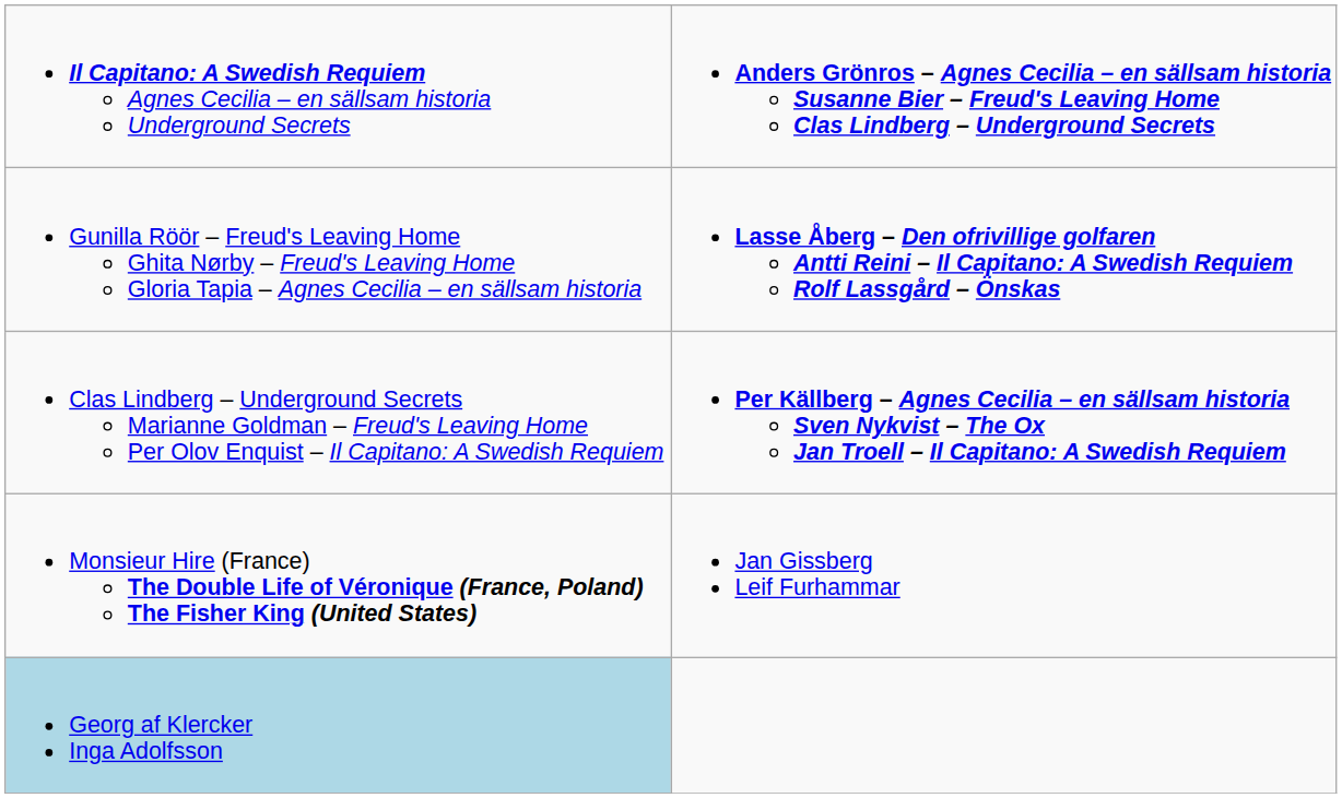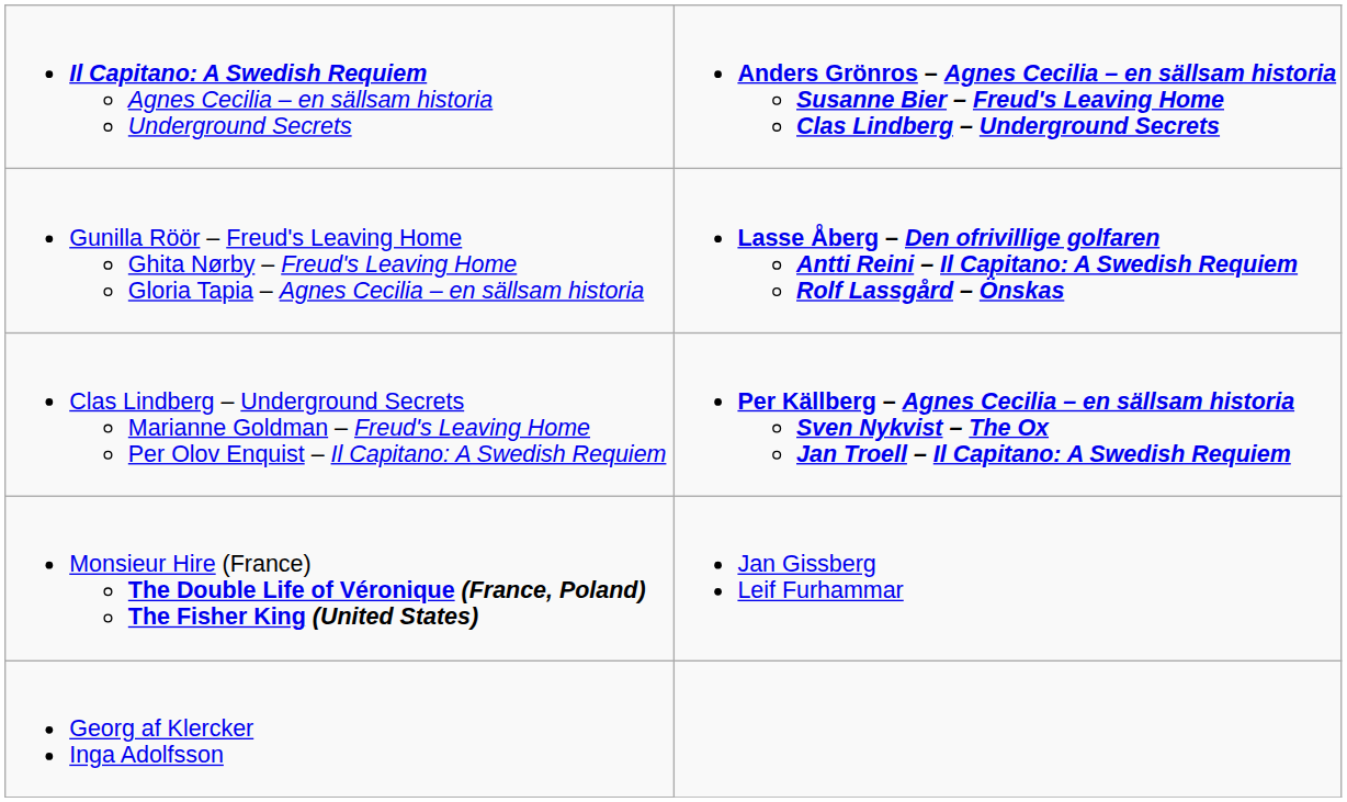 <table class=wikitable>
 <tr>
 <td style="vertical-align:top;" width="50%"><br><ul><li><strong><em><a href='#'>Il Capitano: A Swedish Requiem</a></em></strong><ul><li><em><a href='#'>Agnes Cecilia – en sällsam historia</a></em></li><li><em><a href='#'>Underground Secrets</a></em></li></ul></li></ul></td>
 <td style="vertical-align:top;" width="50%"><br><ul><li><strong><a href='#'>Anders Grönros</a> – <em><a href='#'>Agnes Cecilia – en sällsam historia</a><strong><em><ul><li><a href='#'>Susanne Bier</a> – </em><a href='#'>Freud's Leaving Home</a><em></li><li><a href='#'>Clas Lindberg</a> – </em><a href='#'>Underground Secrets</a><em></li></ul></li></ul></td>
 </tr>
 <tr>
 <td style="vertical-align:top;" width="50%"><br><ul><li></strong><a href='#'>Gunilla Röör</a> – </em><a href='#'>Freud's Leaving Home</a></em></strong><ul><li><a href='#'>Ghita Nørby</a> – <em><a href='#'>Freud's Leaving Home</a></em></li><li><a href='#'>Gloria Tapia</a> – <em><a href='#'>Agnes Cecilia – en sällsam historia</a></em></li></ul></li></ul></td>
 <td style="vertical-align:top;" width="50%"><br><ul><li><strong><a href='#'>Lasse Åberg</a> – <em><a href='#'>Den ofrivillige golfaren</a><strong><em><ul><li><a href='#'>Antti Reini</a> – </em><a href='#'>Il Capitano: A Swedish Requiem</a><em></li><li><a href='#'>Rolf Lassgård</a> – </em><a href='#'>Önskas</a><em></li></ul></li></ul></td>
 </tr>
 <tr>
 <td style="vertical-align:top;" width="50%"><br><ul><li></strong><a href='#'>Clas Lindberg</a> – </em><a href='#'>Underground Secrets</a></em></strong><ul><li><a href='#'>Marianne Goldman</a> – <em><a href='#'>Freud's Leaving Home</a></em></li><li><a href='#'>Per Olov Enquist</a> – <em><a href='#'>Il Capitano: A Swedish Requiem</a></em></li></ul></li></ul></td>
 <td style="vertical-align:top;" width="50%"><br><ul><li><strong><a href='#'>Per Källberg</a> – <em><a href='#'>Agnes Cecilia – en sällsam historia</a><strong><em><ul><li><a href='#'>Sven Nykvist</a> – </em><a href='#'>The Ox</a><em></li><li><a href='#'>Jan Troell</a>  – </em><a href='#'>Il Capitano: A Swedish Requiem</a><em></li></ul></li></ul></td>
 </tr>
 <tr>
 <td style="vertical-align:top;" width="50%"><br><ul><li></em></strong><a href='#'>Monsieur Hire</a> (France)<strong><em><ul><li></em><a href='#'>The Double Life of Véronique</a><em> (France, Poland)</li><li></em><a href='#'>The Fisher King</a><em> (United States)</li></ul></li></ul></td>
 <td valign="top" width="50%"><br><ul><li></strong><a href='#'>Jan Gissberg</a><strong></li><li></strong><a href='#'>Leif Furhammar</a><strong></li></ul></td>
 </tr>
 <tr>
-<td style="background: lightblue; vertical-align:top;" width="50%"><br><ul><li></strong><a href='#'>Georg af Klercker</a><strong></li><li></strong><a href='#'>Inga Adolfsson</a><strong></li></ul></td>
+<td style="vertical-align:top;" width="50%"><br><ul><li></strong><a href='#'>Georg af Klercker</a><strong></li><li></strong><a href='#'>Inga Adolfsson</a><strong></li></ul></td>
 </tr>
 <tr>
 </tr>
 </table>
